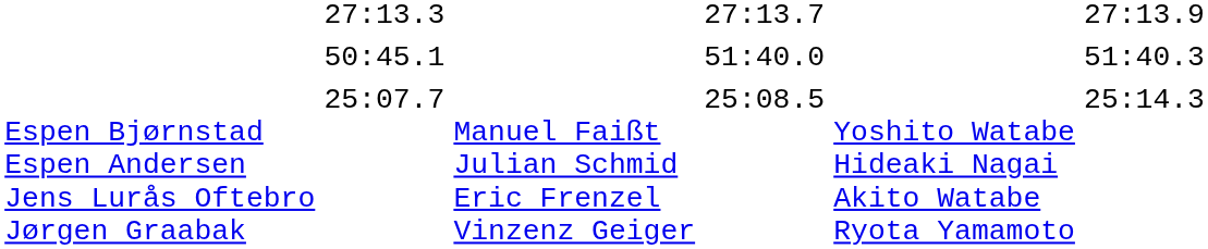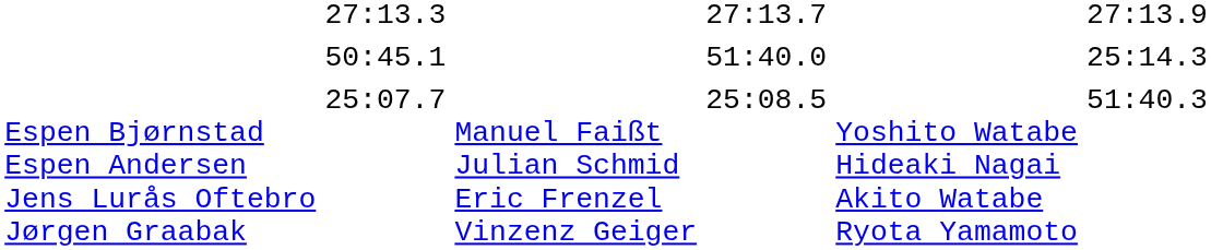 <table>
 <tr valign="top">
 <td><br></td>
 <td></td>
 <td>27:13.3</td>
 <td></td>
 <td>27:13.7</td>
 <td></td>
 <td>27:13.9</td>
 </tr>
 <tr valign="top">
 <td><br></td>
 <td></td>
 <td>50:45.1</td>
 <td></td>
 <td>51:40.0</td>
 <td></td>
-<td>51:40.3</td>
+<td>25:14.3</td>
 </tr>
 <tr valign="top">
 <td><br></td>
 <td><br><a href='#'>Espen Bjørnstad</a><br><a href='#'>Espen Andersen</a><br><a href='#'>Jens Lurås Oftebro</a><br><a href='#'>Jørgen Graabak</a></td>
 <td>25:07.7</td>
 <td><br><a href='#'>Manuel Faißt</a><br><a href='#'>Julian Schmid</a><br><a href='#'>Eric Frenzel</a><br><a href='#'>Vinzenz Geiger</a></td>
 <td>25:08.5</td>
 <td><br><a href='#'>Yoshito Watabe</a><br><a href='#'>Hideaki Nagai</a><br><a href='#'>Akito Watabe</a><br><a href='#'>Ryota Yamamoto</a></td>
-<td>25:14.3</td>
+<td>51:40.3</td>
 </tr>
 </table>
